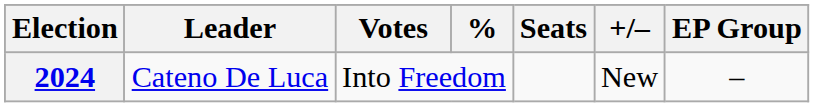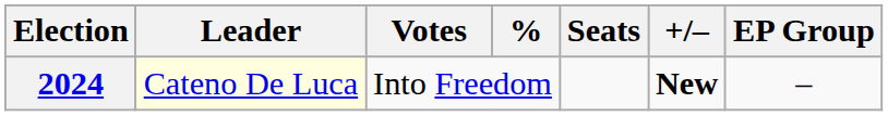 <table class="wikitable" style="text-align:center">
 <tr>
 <th>Election</th>
 <th>Leader</th>
 <th>Votes</th>
 <th>%</th>
 <th>Seats</th>
 <th>+/–</th>
 <th>EP Group</th>
 </tr>
 <tr>
 <th><a href='#'>2024</a></th>
-<td><a href='#'>Cateno De Luca</a></td>
+<td style="background: lightyellow;"><a href='#'>Cateno De Luca</a></td>
 <td colspan="2">Into <a href='#'>Freedom</a></td>
 <td></td>
-<td>New</td>
+<td><strong>New</strong></td>
 <td>–</td>
 </tr>
 </table>
